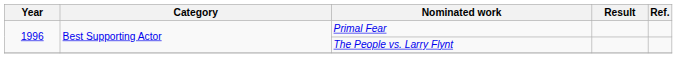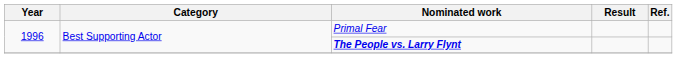 <table class=wikitable>
 <tr>
 <th scope="col" style="width:5em;">Year</th>
 <th scope="col" style="width:26em;">Category</th>
 <th scope="col" style="width:25em;">Nominated work</th>
 <th scope="col" style="width:5em;">Result</th>
 <th>Ref.</th>
 </tr>
 <tr>
 <td style="text-align:center;", rowspan="2"><a href='#'>1996</a></td>
 <td rowspan="2"><a href='#'>Best Supporting Actor</a></td>
 <td><em><a href='#'>Primal Fear</a></em></td>
 <td></td>
 <td></td>
 </tr>
 <tr>
-<td><em><a href='#'>The People vs. Larry Flynt</a></em></td>
+<td><strong><em><a href='#'>The People vs. Larry Flynt</a></em></strong></td>
 <td></td>
 <td></td>
 </tr>
 <tr>
 </tr>
 </table>
